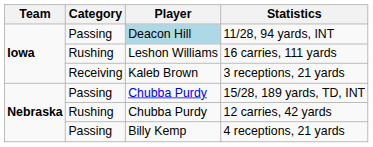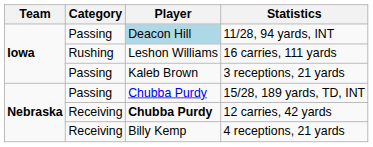 <table class="wikitable" style="float: left;">
 <tr>
 <th>Team</th>
 <th>Category</th>
 <th>Player</th>
 <th>Statistics</th>
 </tr>
 <tr>
 <td rowspan=3><strong>Iowa</strong></td>
 <td>Passing</td>
 <td style="background: lightblue;">Deacon Hill</td>
 <td>11/28, 94 yards, INT</td>
 </tr>
 <tr>
 <td>Rushing</td>
 <td>Leshon Williams</td>
 <td>16 carries, 111 yards</td>
 </tr>
 <tr>
-<td>Receiving</td>
+<td>Passing</td>
 <td>Kaleb Brown</td>
 <td>3 receptions, 21 yards</td>
 </tr>
 <tr>
 <td rowspan=3><strong>Nebraska</strong></td>
 <td>Passing</td>
 <td><a href='#'>Chubba Purdy</a></td>
 <td>15/28, 189 yards, TD, INT</td>
 </tr>
 <tr>
-<td>Rushing</td>
-<td>Chubba Purdy</td>
+<td>Receiving</td>
+<td><strong>Chubba Purdy</strong></td>
 <td>12 carries, 42 yards</td>
 </tr>
 <tr>
-<td>Passing</td>
+<td>Receiving</td>
 <td>Billy Kemp</td>
 <td>4 receptions, 21 yards</td>
 </tr>
 </table>
